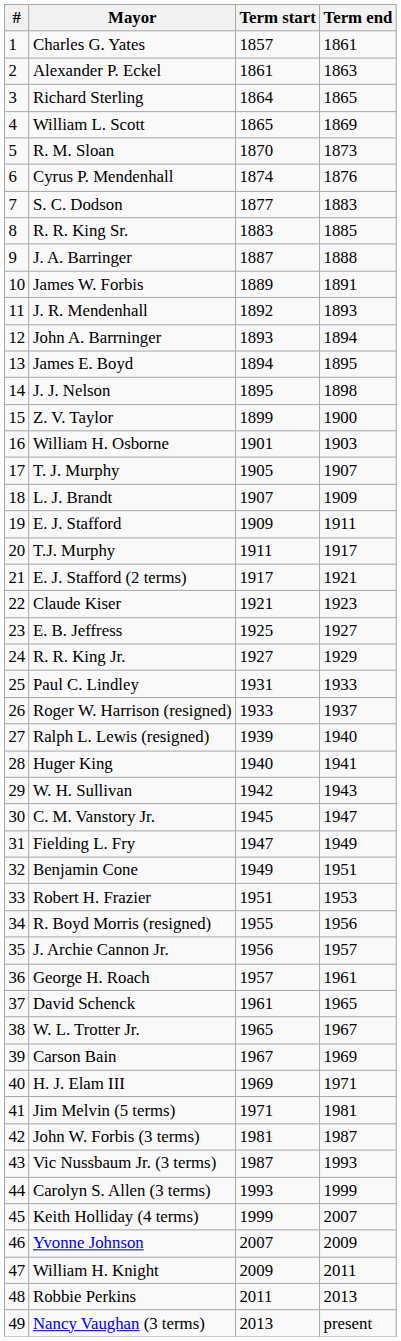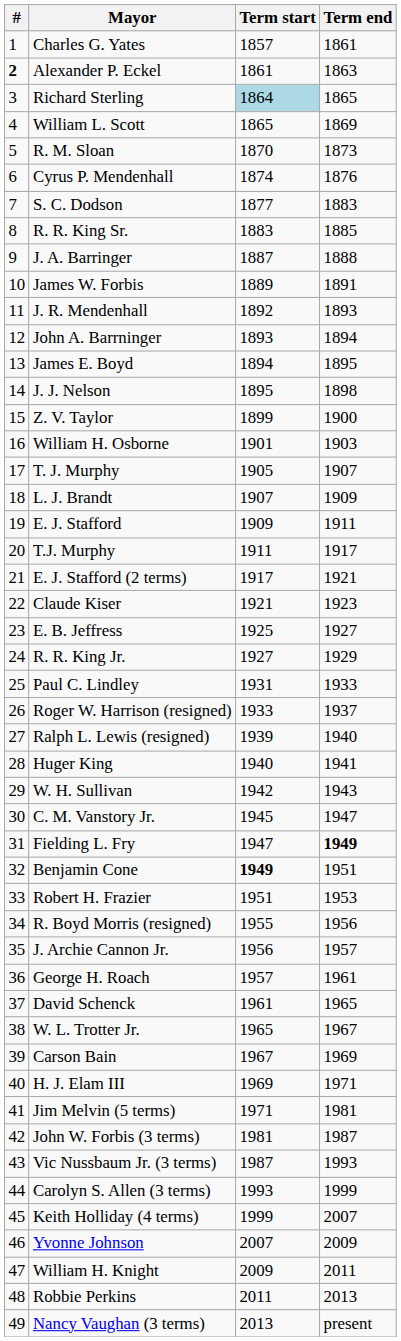 <table class="wikitable sortable">
 <tr>
 <th align=center>#</th>
 <th>Mayor</th>
 <th>Term start</th>
 <th>Term end</th>
 </tr>
 <tr>
 <td>1</td>
 <td>Charles G. Yates</td>
 <td>1857</td>
 <td>1861</td>
 </tr>
 <tr>
-<td>2</td>
+<td><strong>2</strong></td>
 <td>Alexander P. Eckel</td>
 <td>1861</td>
 <td>1863</td>
 </tr>
 <tr>
 <td>3</td>
 <td>Richard Sterling</td>
-<td>1864</td>
+<td style="background: lightblue;">1864</td>
 <td>1865</td>
 </tr>
 <tr>
 <td>4</td>
 <td>William L. Scott</td>
 <td>1865</td>
 <td>1869</td>
 </tr>
 <tr>
 <td>5</td>
 <td>R. M. Sloan</td>
 <td>1870</td>
 <td>1873</td>
 </tr>
 <tr>
 <td>6</td>
 <td>Cyrus P. Mendenhall</td>
 <td>1874</td>
 <td>1876</td>
 </tr>
 <tr>
 <td>7</td>
 <td>S. C. Dodson</td>
 <td>1877</td>
 <td>1883</td>
 </tr>
 <tr>
 <td>8</td>
 <td>R. R. King Sr.</td>
 <td>1883</td>
 <td>1885</td>
 </tr>
 <tr>
 <td>9</td>
 <td>J. A. Barringer</td>
 <td>1887</td>
 <td>1888</td>
 </tr>
 <tr>
 <td>10</td>
 <td>James W. Forbis</td>
 <td>1889</td>
 <td>1891</td>
 </tr>
 <tr>
 <td>11</td>
 <td>J. R. Mendenhall</td>
 <td>1892</td>
 <td>1893</td>
 </tr>
 <tr>
 <td>12</td>
 <td>John A. Barrninger</td>
 <td>1893</td>
 <td>1894</td>
 </tr>
 <tr>
 <td>13</td>
 <td>James E. Boyd</td>
 <td>1894</td>
 <td>1895</td>
 </tr>
 <tr>
 <td>14</td>
 <td>J. J. Nelson</td>
 <td>1895</td>
 <td>1898</td>
 </tr>
 <tr>
 <td>15</td>
 <td>Z. V. Taylor</td>
 <td>1899</td>
 <td>1900</td>
 </tr>
 <tr>
 <td>16</td>
 <td>William H. Osborne</td>
 <td>1901</td>
 <td>1903</td>
 </tr>
 <tr>
 <td>17</td>
 <td>T. J. Murphy</td>
 <td>1905</td>
 <td>1907</td>
 </tr>
 <tr>
 <td>18</td>
 <td>L. J. Brandt</td>
 <td>1907</td>
 <td>1909</td>
 </tr>
 <tr>
 <td>19</td>
 <td>E. J. Stafford</td>
 <td>1909</td>
 <td>1911</td>
 </tr>
 <tr>
 <td>20</td>
 <td>T.J. Murphy</td>
 <td>1911</td>
 <td>1917</td>
 </tr>
 <tr>
 <td>21</td>
 <td>E. J. Stafford (2 terms)</td>
 <td>1917</td>
 <td>1921</td>
 </tr>
 <tr>
 <td>22</td>
 <td>Claude Kiser</td>
 <td>1921</td>
 <td>1923</td>
 </tr>
 <tr>
 <td>23</td>
 <td>E. B. Jeffress</td>
 <td>1925</td>
 <td>1927</td>
 </tr>
 <tr>
 <td>24</td>
 <td>R. R. King Jr.</td>
 <td>1927</td>
 <td>1929</td>
 </tr>
 <tr>
 <td>25</td>
 <td>Paul C. Lindley</td>
 <td>1931</td>
 <td>1933</td>
 </tr>
 <tr>
 <td>26</td>
 <td>Roger W. Harrison (resigned)</td>
 <td>1933</td>
 <td>1937</td>
 </tr>
 <tr>
 <td>27</td>
 <td>Ralph L. Lewis (resigned)</td>
 <td>1939</td>
 <td>1940</td>
 </tr>
 <tr>
 <td>28</td>
 <td>Huger King</td>
 <td>1940</td>
 <td>1941</td>
 </tr>
 <tr>
 <td>29</td>
 <td>W. H. Sullivan</td>
 <td>1942</td>
 <td>1943</td>
 </tr>
 <tr>
 <td>30</td>
 <td>C. M. Vanstory Jr.</td>
 <td>1945</td>
 <td>1947</td>
 </tr>
 <tr>
 <td>31</td>
 <td>Fielding L. Fry</td>
 <td>1947</td>
-<td>1949</td>
+<td><strong>1949</strong></td>
 </tr>
 <tr>
 <td>32</td>
 <td>Benjamin Cone</td>
-<td>1949</td>
+<td><strong>1949</strong></td>
 <td>1951</td>
 </tr>
 <tr>
 <td>33</td>
 <td>Robert H. Frazier</td>
 <td>1951</td>
 <td>1953</td>
 </tr>
 <tr>
 <td>34</td>
 <td>R. Boyd Morris (resigned)</td>
 <td>1955</td>
 <td>1956</td>
 </tr>
 <tr>
 <td>35</td>
 <td>J. Archie Cannon Jr.</td>
 <td>1956</td>
 <td>1957</td>
 </tr>
 <tr>
 <td>36</td>
 <td>George H. Roach</td>
 <td>1957</td>
 <td>1961</td>
 </tr>
 <tr>
 <td>37</td>
 <td>David Schenck</td>
 <td>1961</td>
 <td>1965</td>
 </tr>
 <tr>
 <td>38</td>
 <td>W. L. Trotter Jr.</td>
 <td>1965</td>
 <td>1967</td>
 </tr>
 <tr>
 <td>39</td>
 <td>Carson Bain</td>
 <td>1967</td>
 <td>1969</td>
 </tr>
 <tr>
 <td>40</td>
 <td>H. J. Elam III</td>
 <td>1969</td>
 <td>1971</td>
 </tr>
 <tr>
 <td>41</td>
 <td>Jim Melvin (5 terms)</td>
 <td>1971</td>
 <td>1981</td>
 </tr>
 <tr>
 <td>42</td>
 <td>John W. Forbis (3 terms)</td>
 <td>1981</td>
 <td>1987</td>
 </tr>
 <tr>
 <td>43</td>
 <td>Vic Nussbaum Jr. (3 terms)</td>
 <td>1987</td>
 <td>1993</td>
 </tr>
 <tr>
 <td>44</td>
 <td>Carolyn S. Allen (3 terms)</td>
 <td>1993</td>
 <td>1999</td>
 </tr>
 <tr>
 <td>45</td>
 <td>Keith Holliday (4 terms)</td>
 <td>1999</td>
 <td>2007</td>
 </tr>
 <tr>
 <td>46</td>
 <td><a href='#'>Yvonne Johnson</a></td>
 <td>2007</td>
 <td>2009</td>
 </tr>
 <tr>
 <td>47</td>
 <td>William H. Knight</td>
 <td>2009</td>
 <td>2011</td>
 </tr>
 <tr>
 <td>48</td>
 <td>Robbie Perkins</td>
 <td>2011</td>
 <td>2013</td>
 </tr>
 <tr>
 <td>49</td>
 <td><a href='#'>Nancy Vaughan</a> (3 terms)</td>
 <td>2013</td>
 <td>present</td>
 </tr>
 </table>
